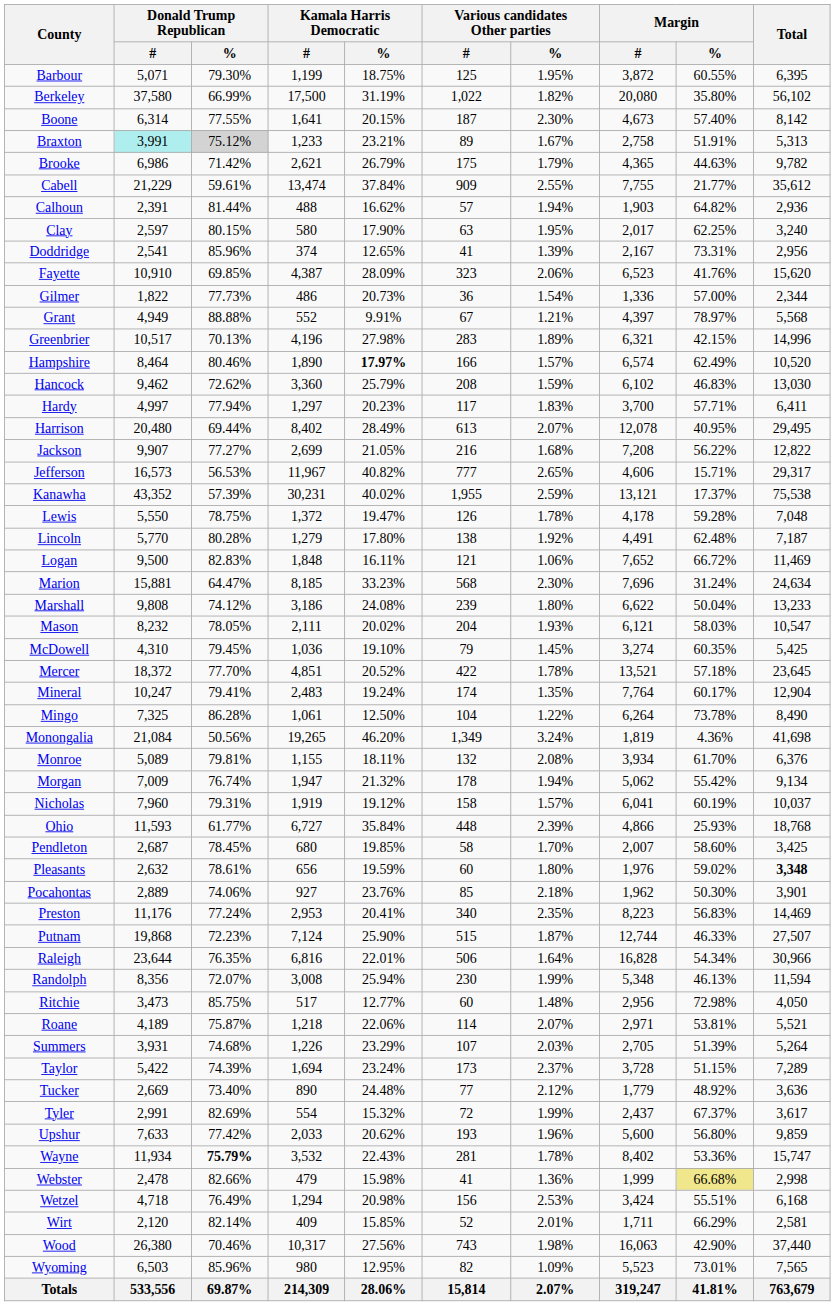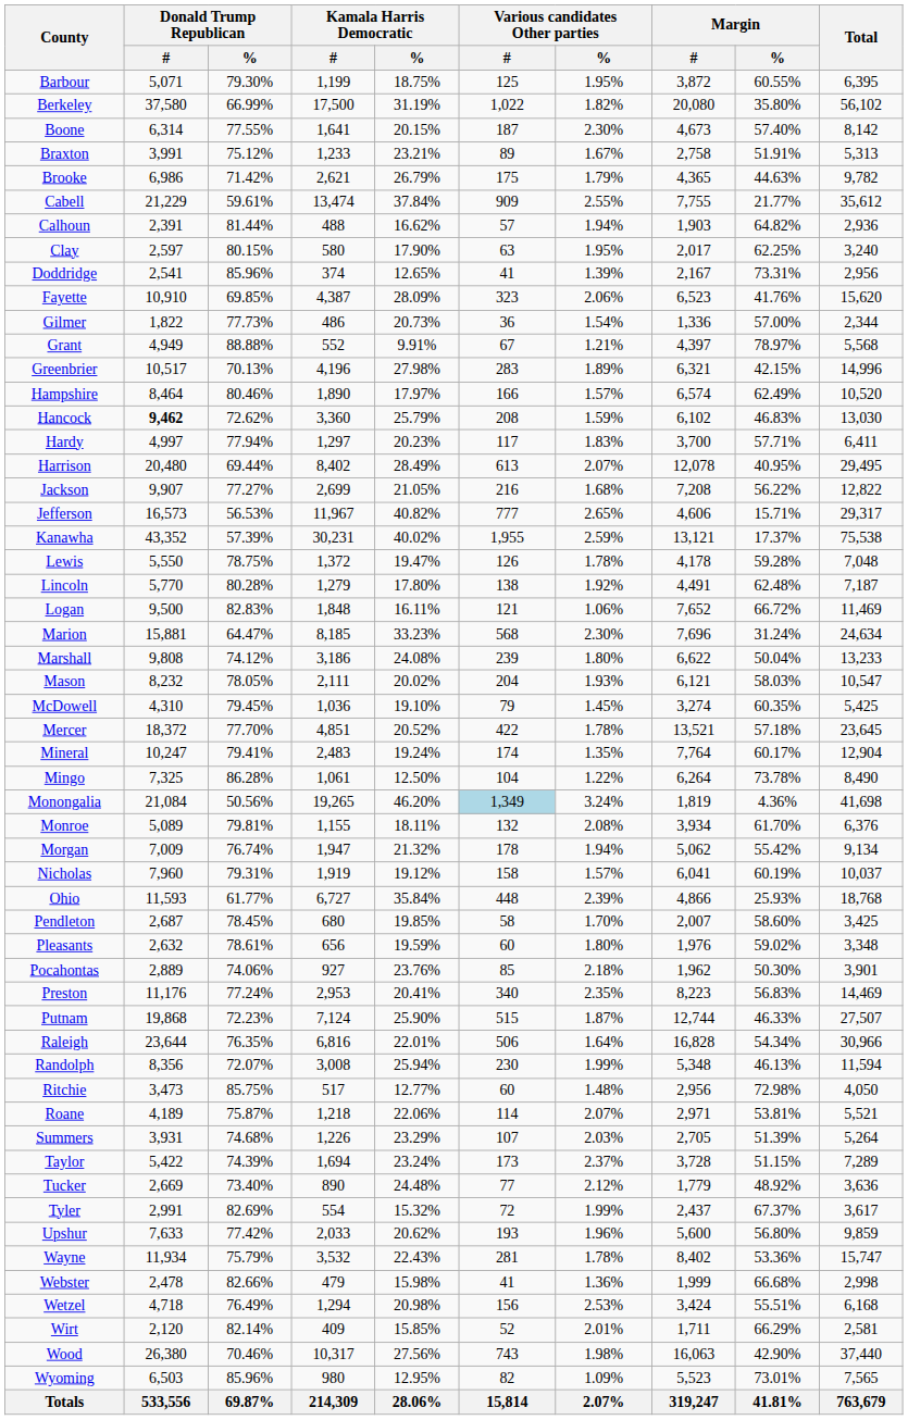 <table width="60%" class="wikitable sortable">
 <tr>
 <th rowspan="2">County</th>
 <th colspan="2">Donald Trump<br>Republican</th>
 <th colspan="2">Kamala Harris<br>Democratic</th>
 <th colspan="2">Various candidates<br>Other parties</th>
 <th colspan="2">Margin</th>
 <th rowspan="2">Total</th>
 </tr>
 <tr>
 <th style="text-align:center;" data-sort-type="number">#</th>
 <th style="text-align:center;" data-sort-type="number">%</th>
 <th style="text-align:center;" data-sort-type="number">#</th>
 <th style="text-align:center;" data-sort-type="number">%</th>
 <th style="text-align:center;" data-sort-type="number">#</th>
 <th style="text-align:center;" data-sort-type="number">%</th>
 <th style="text-align:center;" data-sort-type="number">#</th>
 <th style="text-align:center;" data-sort-type="number">%</th>
 </tr>
 <tr style="text-align:center;">
 <td><a href='#'>Barbour</a></td>
 <td>5,071</td>
 <td>79.30%</td>
 <td>1,199</td>
 <td>18.75%</td>
 <td>125</td>
 <td>1.95%</td>
 <td>3,872</td>
 <td>60.55%</td>
 <td>6,395</td>
 </tr>
 <tr style="text-align:center;">
 <td><a href='#'>Berkeley</a></td>
 <td>37,580</td>
 <td>66.99%</td>
 <td>17,500</td>
 <td>31.19%</td>
 <td>1,022</td>
 <td>1.82%</td>
 <td>20,080</td>
 <td>35.80%</td>
 <td>56,102</td>
 </tr>
 <tr style="text-align:center;">
 <td><a href='#'>Boone</a></td>
 <td>6,314</td>
 <td>77.55%</td>
 <td>1,641</td>
 <td>20.15%</td>
 <td>187</td>
 <td>2.30%</td>
 <td>4,673</td>
 <td>57.40%</td>
 <td>8,142</td>
 </tr>
 <tr style="text-align:center;">
 <td><a href='#'>Braxton</a></td>
-<td style="background: paleturquoise;">3,991</td>
-<td style="background: lightgrey;">75.12%</td>
+<td>3,991</td>
+<td>75.12%</td>
 <td>1,233</td>
 <td>23.21%</td>
 <td>89</td>
 <td>1.67%</td>
 <td>2,758</td>
 <td>51.91%</td>
 <td>5,313</td>
 </tr>
 <tr style="text-align:center;">
 <td><a href='#'>Brooke</a></td>
 <td>6,986</td>
 <td>71.42%</td>
 <td>2,621</td>
 <td>26.79%</td>
 <td>175</td>
 <td>1.79%</td>
 <td>4,365</td>
 <td>44.63%</td>
 <td>9,782</td>
 </tr>
 <tr style="text-align:center;">
 <td><a href='#'>Cabell</a></td>
 <td>21,229</td>
 <td>59.61%</td>
 <td>13,474</td>
 <td>37.84%</td>
 <td>909</td>
 <td>2.55%</td>
 <td>7,755</td>
 <td>21.77%</td>
 <td>35,612</td>
 </tr>
 <tr style="text-align:center;">
 <td><a href='#'>Calhoun</a></td>
 <td>2,391</td>
 <td>81.44%</td>
 <td>488</td>
 <td>16.62%</td>
 <td>57</td>
 <td>1.94%</td>
 <td>1,903</td>
 <td>64.82%</td>
 <td>2,936</td>
 </tr>
 <tr style="text-align:center;">
 <td><a href='#'>Clay</a></td>
 <td>2,597</td>
 <td>80.15%</td>
 <td>580</td>
 <td>17.90%</td>
 <td>63</td>
 <td>1.95%</td>
 <td>2,017</td>
 <td>62.25%</td>
 <td>3,240</td>
 </tr>
 <tr style="text-align:center;">
 <td><a href='#'>Doddridge</a></td>
 <td>2,541</td>
 <td>85.96%</td>
 <td>374</td>
 <td>12.65%</td>
 <td>41</td>
 <td>1.39%</td>
 <td>2,167</td>
 <td>73.31%</td>
 <td>2,956</td>
 </tr>
 <tr style="text-align:center;">
 <td><a href='#'>Fayette</a></td>
 <td>10,910</td>
 <td>69.85%</td>
 <td>4,387</td>
 <td>28.09%</td>
 <td>323</td>
 <td>2.06%</td>
 <td>6,523</td>
 <td>41.76%</td>
 <td>15,620</td>
 </tr>
 <tr style="text-align:center;">
 <td><a href='#'>Gilmer</a></td>
 <td>1,822</td>
 <td>77.73%</td>
 <td>486</td>
 <td>20.73%</td>
 <td>36</td>
 <td>1.54%</td>
 <td>1,336</td>
 <td>57.00%</td>
 <td>2,344</td>
 </tr>
 <tr style="text-align:center;">
 <td><a href='#'>Grant</a></td>
 <td>4,949</td>
 <td>88.88%</td>
 <td>552</td>
 <td>9.91%</td>
 <td>67</td>
 <td>1.21%</td>
 <td>4,397</td>
 <td>78.97%</td>
 <td>5,568</td>
 </tr>
 <tr style="text-align:center;">
 <td><a href='#'>Greenbrier</a></td>
 <td>10,517</td>
 <td>70.13%</td>
 <td>4,196</td>
 <td>27.98%</td>
 <td>283</td>
 <td>1.89%</td>
 <td>6,321</td>
 <td>42.15%</td>
 <td>14,996</td>
 </tr>
 <tr style="text-align:center;">
 <td><a href='#'>Hampshire</a></td>
 <td>8,464</td>
 <td>80.46%</td>
 <td>1,890</td>
-<td><strong>17.97%</strong></td>
+<td>17.97%</td>
 <td>166</td>
 <td>1.57%</td>
 <td>6,574</td>
 <td>62.49%</td>
 <td>10,520</td>
 </tr>
 <tr style="text-align:center;">
 <td><a href='#'>Hancock</a></td>
-<td>9,462</td>
+<td><strong>9,462</strong></td>
 <td>72.62%</td>
 <td>3,360</td>
 <td>25.79%</td>
 <td>208</td>
 <td>1.59%</td>
 <td>6,102</td>
 <td>46.83%</td>
 <td>13,030</td>
 </tr>
 <tr style="text-align:center;">
 <td><a href='#'>Hardy</a></td>
 <td>4,997</td>
 <td>77.94%</td>
 <td>1,297</td>
 <td>20.23%</td>
 <td>117</td>
 <td>1.83%</td>
 <td>3,700</td>
 <td>57.71%</td>
 <td>6,411</td>
 </tr>
 <tr style="text-align:center;">
 <td><a href='#'>Harrison</a></td>
 <td>20,480</td>
 <td>69.44%</td>
 <td>8,402</td>
 <td>28.49%</td>
 <td>613</td>
 <td>2.07%</td>
 <td>12,078</td>
 <td>40.95%</td>
 <td>29,495</td>
 </tr>
 <tr style="text-align:center;">
 <td><a href='#'>Jackson</a></td>
 <td>9,907</td>
 <td>77.27%</td>
 <td>2,699</td>
 <td>21.05%</td>
 <td>216</td>
 <td>1.68%</td>
 <td>7,208</td>
 <td>56.22%</td>
 <td>12,822</td>
 </tr>
 <tr style="text-align:center;">
 <td><a href='#'>Jefferson</a></td>
 <td>16,573</td>
 <td>56.53%</td>
 <td>11,967</td>
 <td>40.82%</td>
 <td>777</td>
 <td>2.65%</td>
 <td>4,606</td>
 <td>15.71%</td>
 <td>29,317</td>
 </tr>
 <tr style="text-align:center;">
 <td><a href='#'>Kanawha</a></td>
 <td>43,352</td>
 <td>57.39%</td>
 <td>30,231</td>
 <td>40.02%</td>
 <td>1,955</td>
 <td>2.59%</td>
 <td>13,121</td>
 <td>17.37%</td>
 <td>75,538</td>
 </tr>
 <tr style="text-align:center;">
 <td><a href='#'>Lewis</a></td>
 <td>5,550</td>
 <td>78.75%</td>
 <td>1,372</td>
 <td>19.47%</td>
 <td>126</td>
 <td>1.78%</td>
 <td>4,178</td>
 <td>59.28%</td>
 <td>7,048</td>
 </tr>
 <tr style="text-align:center;">
 <td><a href='#'>Lincoln</a></td>
 <td>5,770</td>
 <td>80.28%</td>
 <td>1,279</td>
 <td>17.80%</td>
 <td>138</td>
 <td>1.92%</td>
 <td>4,491</td>
 <td>62.48%</td>
 <td>7,187</td>
 </tr>
 <tr style="text-align:center;">
 <td><a href='#'>Logan</a></td>
 <td>9,500</td>
 <td>82.83%</td>
 <td>1,848</td>
 <td>16.11%</td>
 <td>121</td>
 <td>1.06%</td>
 <td>7,652</td>
 <td>66.72%</td>
 <td>11,469</td>
 </tr>
 <tr style="text-align:center;">
 <td><a href='#'>Marion</a></td>
 <td>15,881</td>
 <td>64.47%</td>
 <td>8,185</td>
 <td>33.23%</td>
 <td>568</td>
 <td>2.30%</td>
 <td>7,696</td>
 <td>31.24%</td>
 <td>24,634</td>
 </tr>
 <tr style="text-align:center;">
 <td><a href='#'>Marshall</a></td>
 <td>9,808</td>
 <td>74.12%</td>
 <td>3,186</td>
 <td>24.08%</td>
 <td>239</td>
 <td>1.80%</td>
 <td>6,622</td>
 <td>50.04%</td>
 <td>13,233</td>
 </tr>
 <tr style="text-align:center;">
 <td><a href='#'>Mason</a></td>
 <td>8,232</td>
 <td>78.05%</td>
 <td>2,111</td>
 <td>20.02%</td>
 <td>204</td>
 <td>1.93%</td>
 <td>6,121</td>
 <td>58.03%</td>
 <td>10,547</td>
 </tr>
 <tr style="text-align:center;">
 <td><a href='#'>McDowell</a></td>
 <td>4,310</td>
 <td>79.45%</td>
 <td>1,036</td>
 <td>19.10%</td>
 <td>79</td>
 <td>1.45%</td>
 <td>3,274</td>
 <td>60.35%</td>
 <td>5,425</td>
 </tr>
 <tr style="text-align:center;">
 <td><a href='#'>Mercer</a></td>
 <td>18,372</td>
 <td>77.70%</td>
 <td>4,851</td>
 <td>20.52%</td>
 <td>422</td>
 <td>1.78%</td>
 <td>13,521</td>
 <td>57.18%</td>
 <td>23,645</td>
 </tr>
 <tr style="text-align:center;">
 <td><a href='#'>Mineral</a></td>
 <td>10,247</td>
 <td>79.41%</td>
 <td>2,483</td>
 <td>19.24%</td>
 <td>174</td>
 <td>1.35%</td>
 <td>7,764</td>
 <td>60.17%</td>
 <td>12,904</td>
 </tr>
 <tr style="text-align:center;">
 <td><a href='#'>Mingo</a></td>
 <td>7,325</td>
 <td>86.28%</td>
 <td>1,061</td>
 <td>12.50%</td>
 <td>104</td>
 <td>1.22%</td>
 <td>6,264</td>
 <td>73.78%</td>
 <td>8,490</td>
 </tr>
 <tr style="text-align:center;">
 <td><a href='#'>Monongalia</a></td>
 <td>21,084</td>
 <td>50.56%</td>
 <td>19,265</td>
 <td>46.20%</td>
-<td>1,349</td>
+<td style="background: lightblue;">1,349</td>
 <td>3.24%</td>
 <td>1,819</td>
 <td>4.36%</td>
 <td>41,698</td>
 </tr>
 <tr style="text-align:center;">
 <td><a href='#'>Monroe</a></td>
 <td>5,089</td>
 <td>79.81%</td>
 <td>1,155</td>
 <td>18.11%</td>
 <td>132</td>
 <td>2.08%</td>
 <td>3,934</td>
 <td>61.70%</td>
 <td>6,376</td>
 </tr>
 <tr style="text-align:center;">
 <td><a href='#'>Morgan</a></td>
 <td>7,009</td>
 <td>76.74%</td>
 <td>1,947</td>
 <td>21.32%</td>
 <td>178</td>
 <td>1.94%</td>
 <td>5,062</td>
 <td>55.42%</td>
 <td>9,134</td>
 </tr>
 <tr style="text-align:center;">
 <td><a href='#'>Nicholas</a></td>
 <td>7,960</td>
 <td>79.31%</td>
 <td>1,919</td>
 <td>19.12%</td>
 <td>158</td>
 <td>1.57%</td>
 <td>6,041</td>
 <td>60.19%</td>
 <td>10,037</td>
 </tr>
 <tr style="text-align:center;">
 <td><a href='#'>Ohio</a></td>
 <td>11,593</td>
 <td>61.77%</td>
 <td>6,727</td>
 <td>35.84%</td>
 <td>448</td>
 <td>2.39%</td>
 <td>4,866</td>
 <td>25.93%</td>
 <td>18,768</td>
 </tr>
 <tr style="text-align:center;">
 <td><a href='#'>Pendleton</a></td>
 <td>2,687</td>
 <td>78.45%</td>
 <td>680</td>
 <td>19.85%</td>
 <td>58</td>
 <td>1.70%</td>
 <td>2,007</td>
 <td>58.60%</td>
 <td>3,425</td>
 </tr>
 <tr style="text-align:center;">
 <td><a href='#'>Pleasants</a></td>
 <td>2,632</td>
 <td>78.61%</td>
 <td>656</td>
 <td>19.59%</td>
 <td>60</td>
 <td>1.80%</td>
 <td>1,976</td>
 <td>59.02%</td>
-<td><strong>3,348</strong></td>
+<td>3,348</td>
 </tr>
 <tr style="text-align:center;">
 <td><a href='#'>Pocahontas</a></td>
 <td>2,889</td>
 <td>74.06%</td>
 <td>927</td>
 <td>23.76%</td>
 <td>85</td>
 <td>2.18%</td>
 <td>1,962</td>
 <td>50.30%</td>
 <td>3,901</td>
 </tr>
 <tr style="text-align:center;">
 <td><a href='#'>Preston</a></td>
 <td>11,176</td>
 <td>77.24%</td>
 <td>2,953</td>
 <td>20.41%</td>
 <td>340</td>
 <td>2.35%</td>
 <td>8,223</td>
 <td>56.83%</td>
 <td>14,469</td>
 </tr>
 <tr style="text-align:center;">
 <td><a href='#'>Putnam</a></td>
 <td>19,868</td>
 <td>72.23%</td>
 <td>7,124</td>
 <td>25.90%</td>
 <td>515</td>
 <td>1.87%</td>
 <td>12,744</td>
 <td>46.33%</td>
 <td>27,507</td>
 </tr>
 <tr style="text-align:center;">
 <td><a href='#'>Raleigh</a></td>
 <td>23,644</td>
 <td>76.35%</td>
 <td>6,816</td>
 <td>22.01%</td>
 <td>506</td>
 <td>1.64%</td>
 <td>16,828</td>
 <td>54.34%</td>
 <td>30,966</td>
 </tr>
 <tr style="text-align:center;">
 <td><a href='#'>Randolph</a></td>
 <td>8,356</td>
 <td>72.07%</td>
 <td>3,008</td>
 <td>25.94%</td>
 <td>230</td>
 <td>1.99%</td>
 <td>5,348</td>
 <td>46.13%</td>
 <td>11,594</td>
 </tr>
 <tr style="text-align:center;">
 <td><a href='#'>Ritchie</a></td>
 <td>3,473</td>
 <td>85.75%</td>
 <td>517</td>
 <td>12.77%</td>
 <td>60</td>
 <td>1.48%</td>
 <td>2,956</td>
 <td>72.98%</td>
 <td>4,050</td>
 </tr>
 <tr style="text-align:center;">
 <td><a href='#'>Roane</a></td>
 <td>4,189</td>
 <td>75.87%</td>
 <td>1,218</td>
 <td>22.06%</td>
 <td>114</td>
 <td>2.07%</td>
 <td>2,971</td>
 <td>53.81%</td>
 <td>5,521</td>
 </tr>
 <tr style="text-align:center;">
 <td><a href='#'>Summers</a></td>
 <td>3,931</td>
 <td>74.68%</td>
 <td>1,226</td>
 <td>23.29%</td>
 <td>107</td>
 <td>2.03%</td>
 <td>2,705</td>
 <td>51.39%</td>
 <td>5,264</td>
 </tr>
 <tr style="text-align:center;">
 <td><a href='#'>Taylor</a></td>
 <td>5,422</td>
 <td>74.39%</td>
 <td>1,694</td>
 <td>23.24%</td>
 <td>173</td>
 <td>2.37%</td>
 <td>3,728</td>
 <td>51.15%</td>
 <td>7,289</td>
 </tr>
 <tr style="text-align:center;">
 <td><a href='#'>Tucker</a></td>
 <td>2,669</td>
 <td>73.40%</td>
 <td>890</td>
 <td>24.48%</td>
 <td>77</td>
 <td>2.12%</td>
 <td>1,779</td>
 <td>48.92%</td>
 <td>3,636</td>
 </tr>
 <tr style="text-align:center;">
 <td><a href='#'>Tyler</a></td>
 <td>2,991</td>
 <td>82.69%</td>
 <td>554</td>
 <td>15.32%</td>
 <td>72</td>
 <td>1.99%</td>
 <td>2,437</td>
 <td>67.37%</td>
 <td>3,617</td>
 </tr>
 <tr style="text-align:center;">
 <td><a href='#'>Upshur</a></td>
 <td>7,633</td>
 <td>77.42%</td>
 <td>2,033</td>
 <td>20.62%</td>
 <td>193</td>
 <td>1.96%</td>
 <td>5,600</td>
 <td>56.80%</td>
 <td>9,859</td>
 </tr>
 <tr style="text-align:center;">
 <td><a href='#'>Wayne</a></td>
 <td>11,934</td>
-<td><strong>75.79%</strong></td>
+<td>75.79%</td>
 <td>3,532</td>
 <td>22.43%</td>
 <td>281</td>
 <td>1.78%</td>
 <td>8,402</td>
 <td>53.36%</td>
 <td>15,747</td>
 </tr>
 <tr style="text-align:center;">
 <td><a href='#'>Webster</a></td>
 <td>2,478</td>
 <td>82.66%</td>
 <td>479</td>
 <td>15.98%</td>
 <td>41</td>
 <td>1.36%</td>
 <td>1,999</td>
-<td style="background: khaki;">66.68%</td>
+<td>66.68%</td>
 <td>2,998</td>
 </tr>
 <tr style="text-align:center;">
 <td><a href='#'>Wetzel</a></td>
 <td>4,718</td>
 <td>76.49%</td>
 <td>1,294</td>
 <td>20.98%</td>
 <td>156</td>
 <td>2.53%</td>
 <td>3,424</td>
 <td>55.51%</td>
 <td>6,168</td>
 </tr>
 <tr style="text-align:center;">
 <td><a href='#'>Wirt</a></td>
 <td>2,120</td>
 <td>82.14%</td>
 <td>409</td>
 <td>15.85%</td>
 <td>52</td>
 <td>2.01%</td>
 <td>1,711</td>
 <td>66.29%</td>
 <td>2,581</td>
 </tr>
 <tr style="text-align:center;">
 <td><a href='#'>Wood</a></td>
 <td>26,380</td>
 <td>70.46%</td>
 <td>10,317</td>
 <td>27.56%</td>
 <td>743</td>
 <td>1.98%</td>
 <td>16,063</td>
 <td>42.90%</td>
 <td>37,440</td>
 </tr>
 <tr style="text-align:center;">
 <td><a href='#'>Wyoming</a></td>
 <td>6,503</td>
 <td>85.96%</td>
 <td>980</td>
 <td>12.95%</td>
 <td>82</td>
 <td>1.09%</td>
 <td>5,523</td>
 <td>73.01%</td>
 <td>7,565</td>
 </tr>
 <tr>
 <th>Totals</th>
 <th>533,556</th>
 <th>69.87%</th>
 <th>214,309</th>
 <th>28.06%</th>
 <th>15,814</th>
 <th>2.07%</th>
 <th>319,247</th>
 <th>41.81%</th>
 <th>763,679</th>
 </tr>
 </table>
